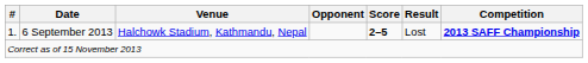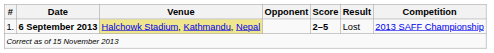 <table class="wikitable" style="font-size:95%;">
 <tr>
 <th>#</th>
 <th>Date</th>
 <th>Venue</th>
 <th>Opponent</th>
 <th>Score</th>
 <th>Result</th>
 <th>Competition</th>
 </tr>
 <tr>
 <td>1.</td>
-<td>6 September 2013</td>
-<td><a href='#'>Halchowk Stadium</a>, <a href='#'>Kathmandu</a>, <a href='#'>Nepal</a></td>
+<td><strong>6 September 2013</strong></td>
+<td style="background: khaki;"><a href='#'>Halchowk Stadium</a>, <a href='#'>Kathmandu</a>, <a href='#'>Nepal</a></td>
 <td></td>
 <td><strong>2–5</strong></td>
 <td>Lost</td>
-<td><strong><a href='#'>2013 SAFF Championship</a></strong></td>
+<td><a href='#'>2013 SAFF Championship</a></td>
 </tr>
 <tr>
 <td colspan="12"><small><em>Correct as of 15 November 2013</em></small></td>
 </tr>
 </table>
